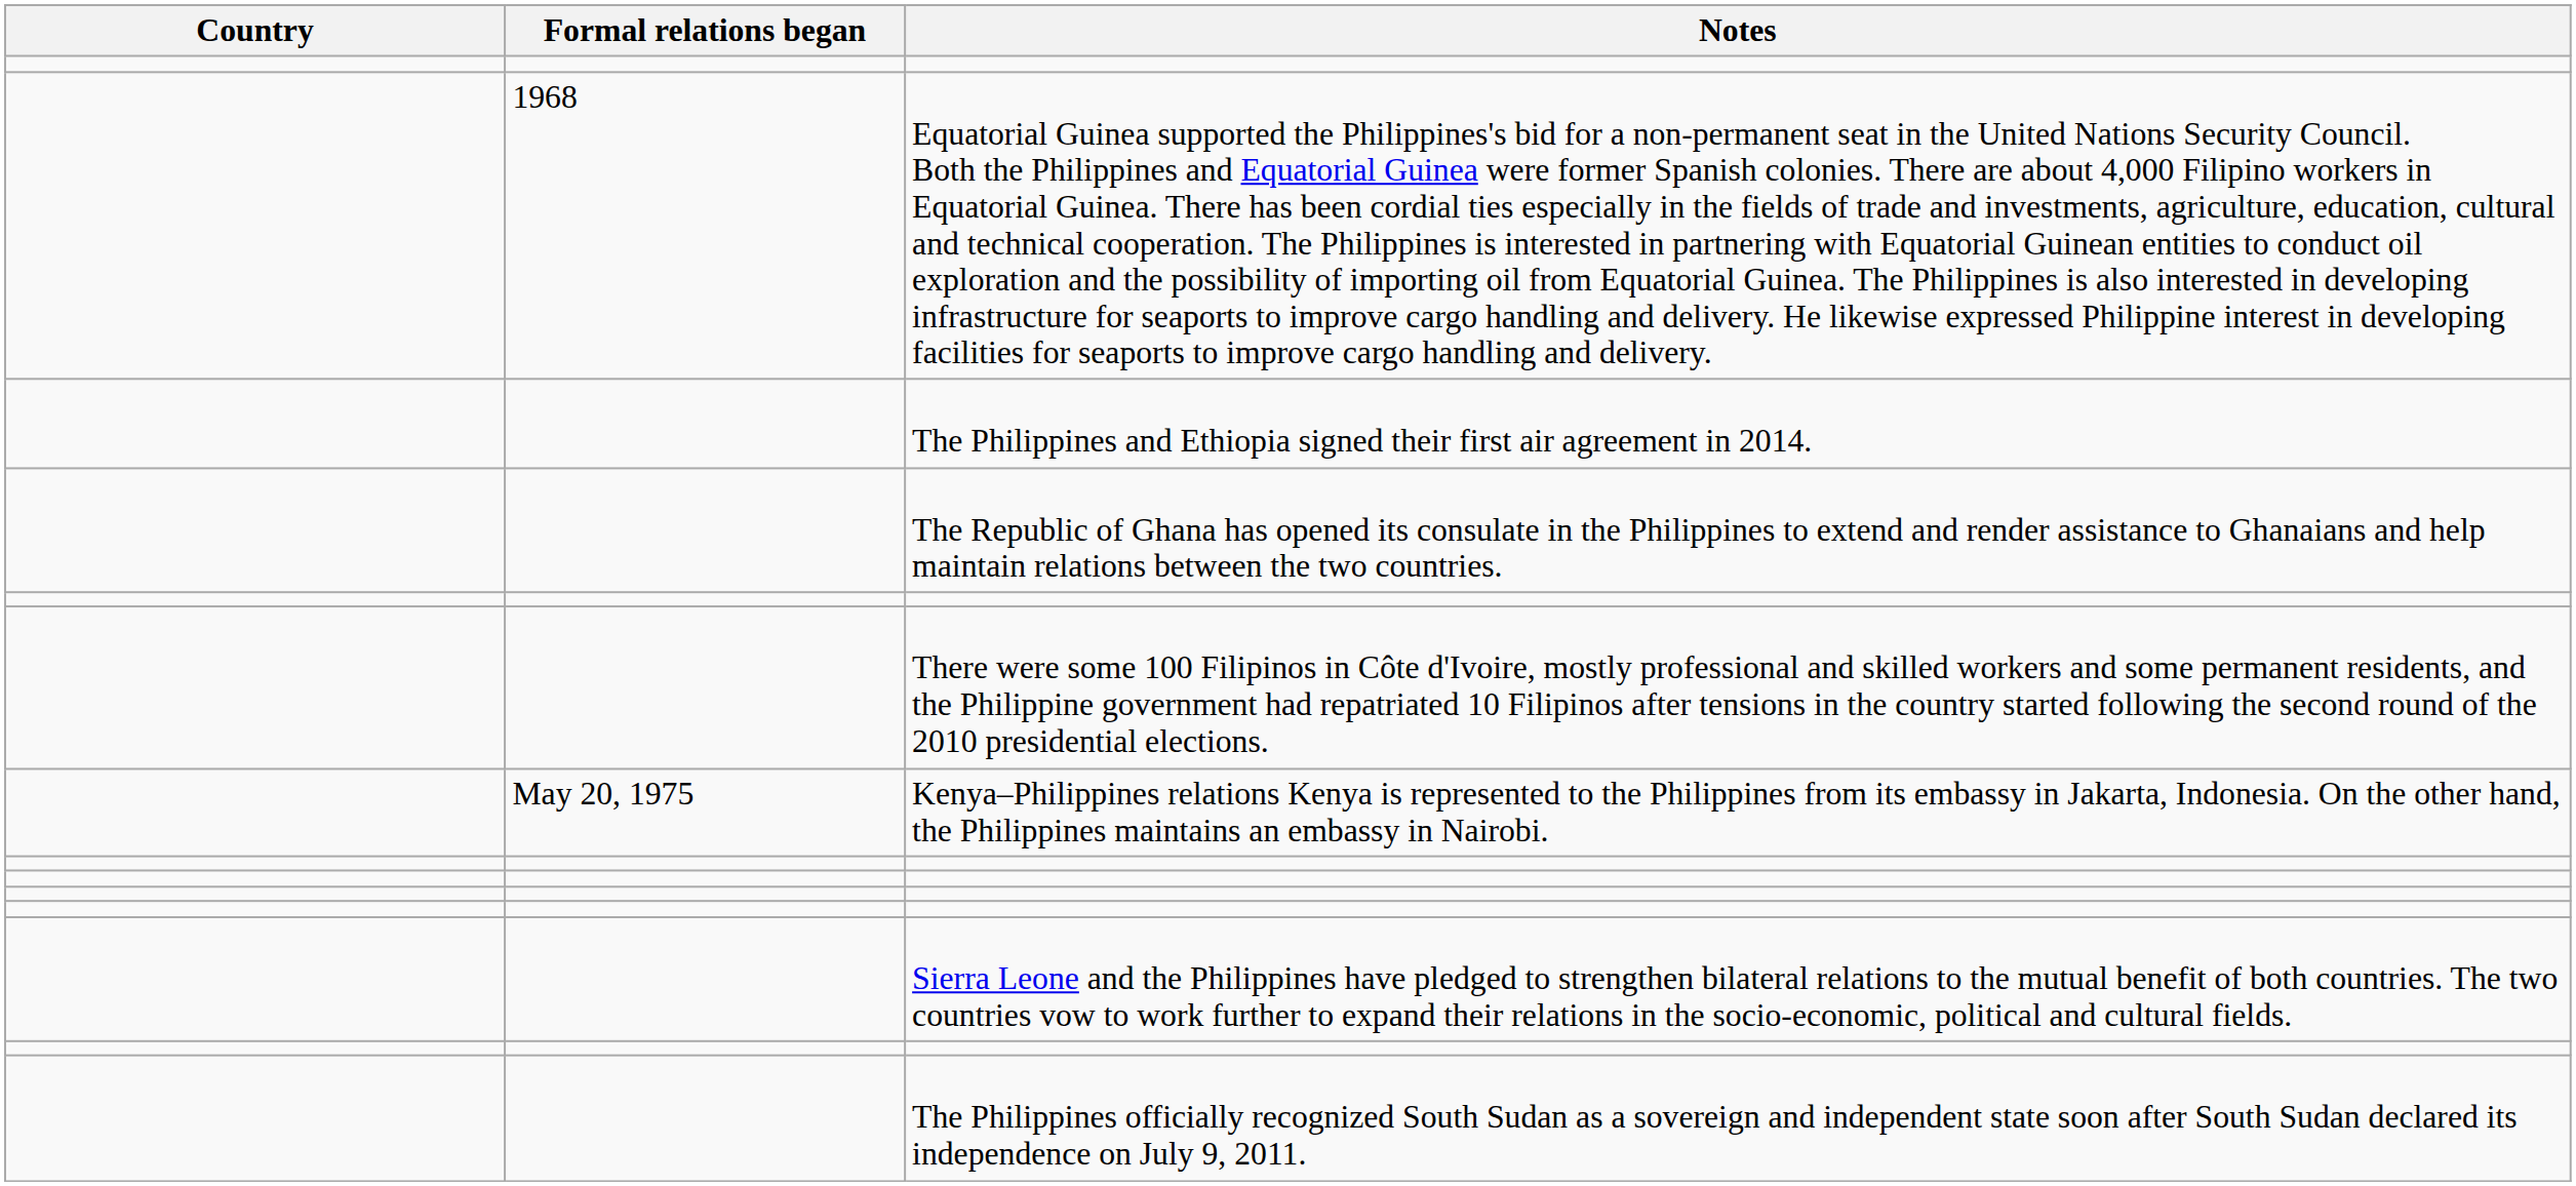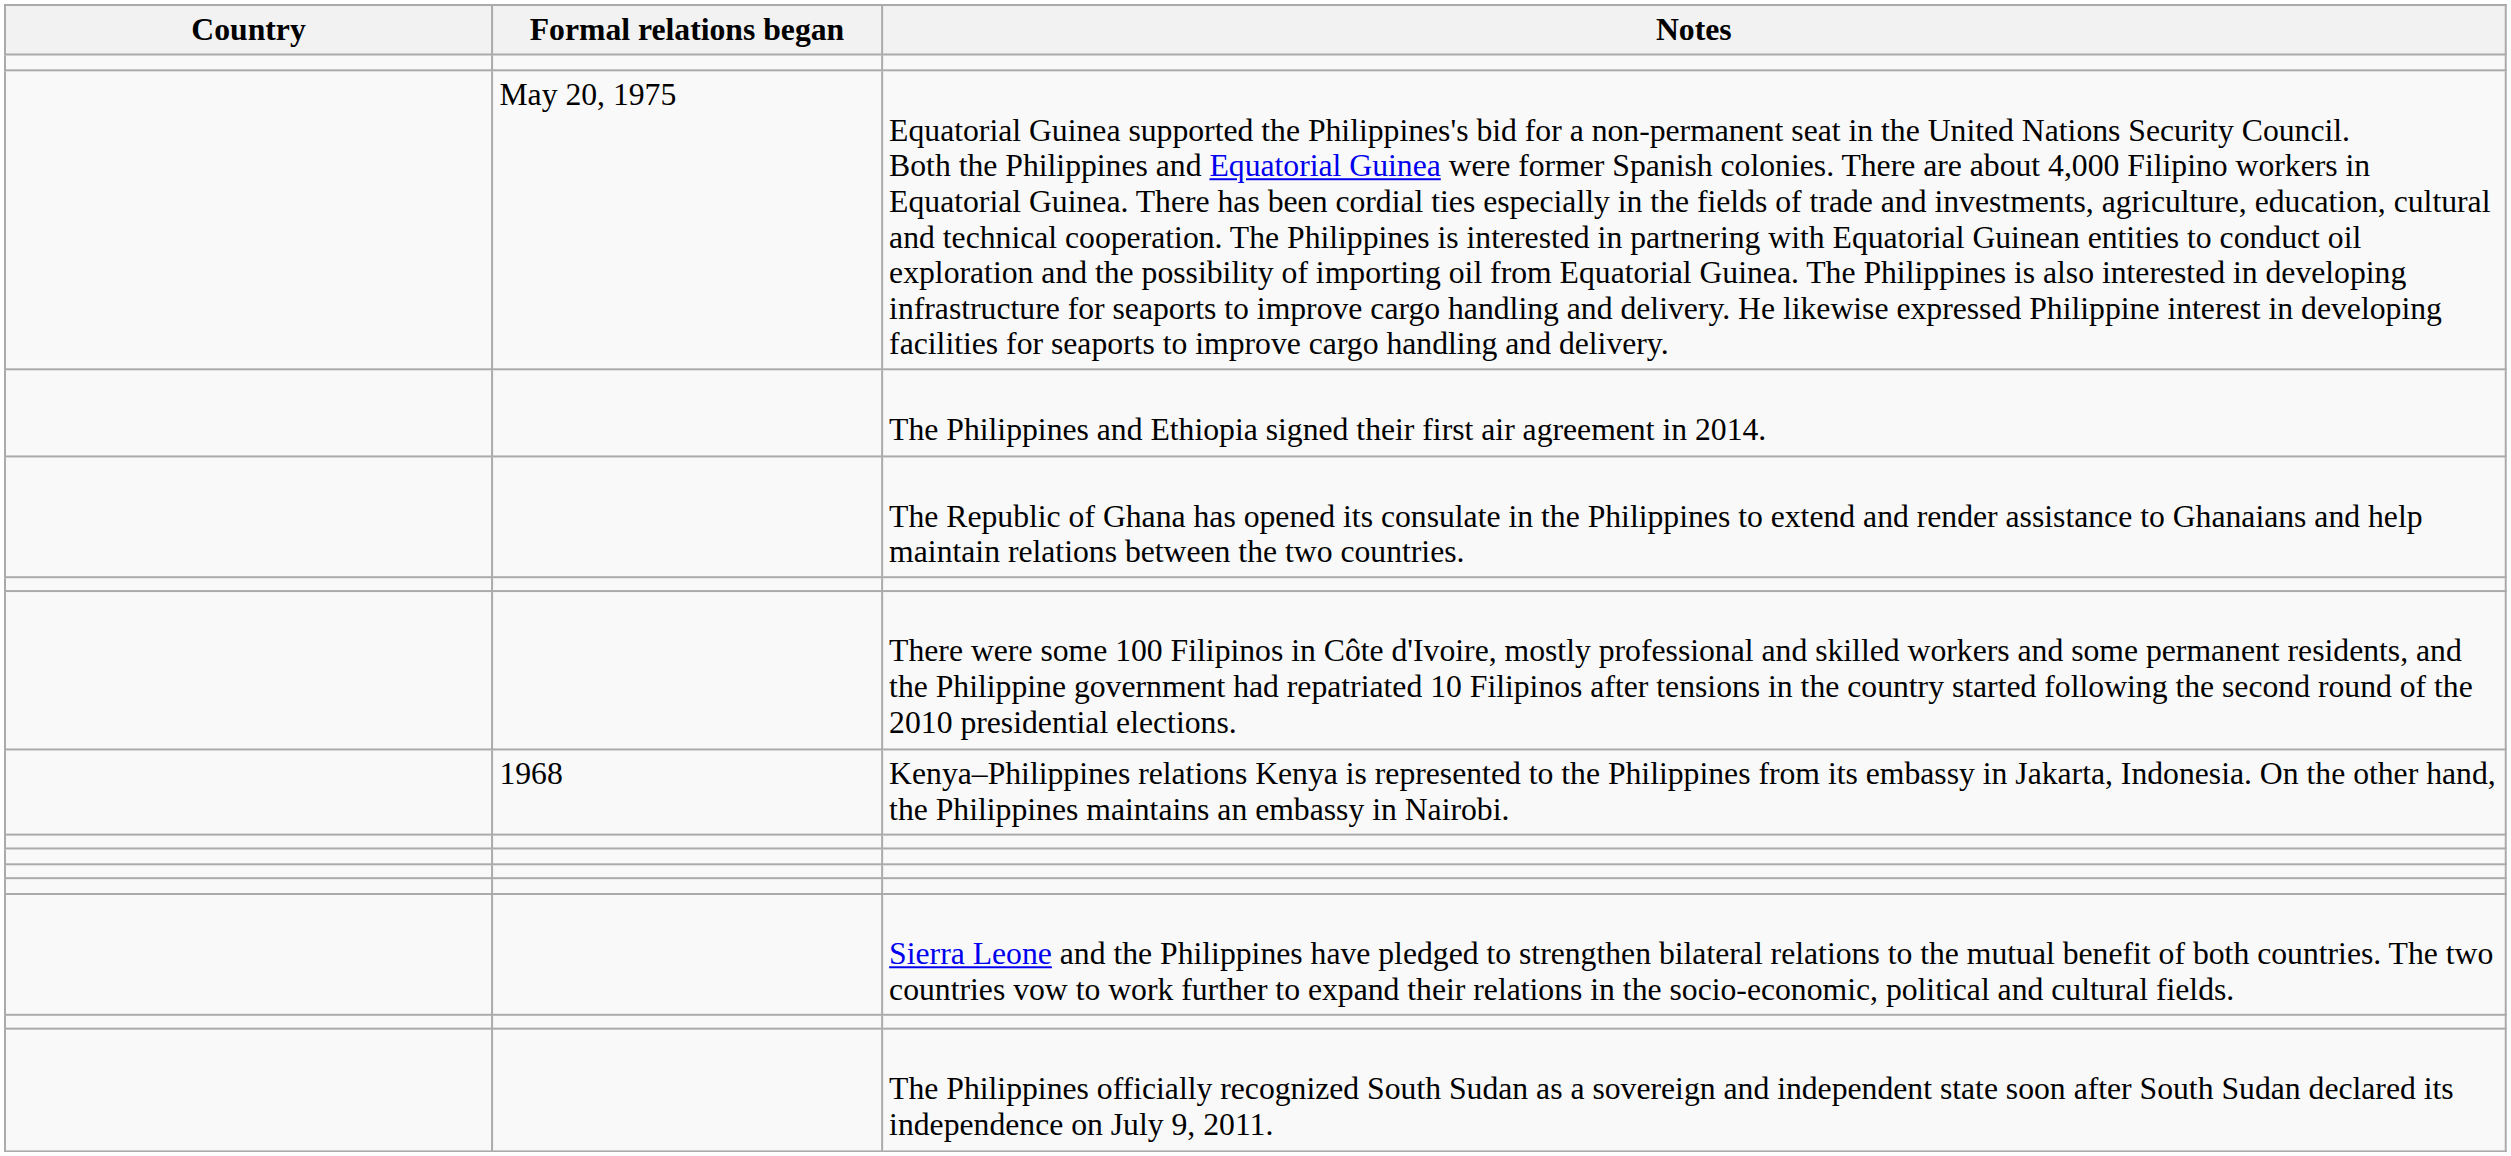 <table class="wikitable sortable" style="width:100%; margin:auto;">
 <tr>
 <th style="width:15%;">Country</th>
 <th style="width:12%;">Formal relations began</th>
 <th class="unsortable" style="width:50%;">Notes</th>
 </tr>
 <tr valign="top">
 <td></td>
 <td></td>
 <td></td>
 </tr>
 <tr valign="top">
 <td></td>
-<td>1968</td>
+<td>May 20, 1975</td>
 <td><br>Equatorial Guinea supported the Philippines's bid for a non-permanent seat in the United Nations Security Council.<br>Both the Philippines and <a href='#'>Equatorial Guinea</a> were former Spanish colonies. There are about 4,000 Filipino workers in Equatorial Guinea. There has been cordial ties especially in the fields of trade and investments, agriculture, education, cultural and technical cooperation. The Philippines is interested in partnering with Equatorial Guinean entities to conduct oil exploration and the possibility of importing oil from Equatorial Guinea. The Philippines is also interested in developing infrastructure for seaports to improve cargo handling and delivery. He likewise expressed Philippine interest in developing facilities for seaports to improve cargo handling and delivery.</td>
 </tr>
 <tr valign="top">
 <td></td>
 <td></td>
 <td><br>The Philippines and Ethiopia signed their first air agreement in 2014.</td>
 </tr>
 <tr valign="top">
 <td></td>
 <td></td>
 <td><br>The Republic of Ghana has opened its consulate in the Philippines to extend and render assistance to Ghanaians and help maintain relations between the two countries.</td>
 </tr>
 <tr valign="top">
 <td></td>
 <td></td>
 <td></td>
 </tr>
 <tr valign="top">
 <td></td>
 <td></td>
 <td><br>There were some 100 Filipinos in Côte d'Ivoire, mostly professional and skilled workers and some permanent residents, and the Philippine government had repatriated 10 Filipinos after tensions in the country started following the second round of the 2010 presidential elections.</td>
 </tr>
 <tr valign="top">
 <td></td>
-<td>May 20, 1975</td>
+<td>1968</td>
 <td>Kenya–Philippines relations Kenya is represented to the Philippines from its embassy in Jakarta, Indonesia. On the other hand, the Philippines maintains an embassy in Nairobi.</td>
 </tr>
 <tr valign="top">
 <td></td>
 <td></td>
 <td></td>
 </tr>
 <tr valign="top">
 <td></td>
 <td></td>
 <td></td>
 </tr>
 <tr valign="top">
 <td></td>
 <td></td>
 <td></td>
 </tr>
 <tr valign="top">
 <td></td>
 <td></td>
 <td></td>
 </tr>
 <tr valign="top">
 <td></td>
 <td></td>
 <td><br><a href='#'>Sierra Leone</a> and the Philippines have pledged to strengthen bilateral relations to the mutual benefit of both countries. The two countries vow to work further to expand their relations in the socio-economic, political and cultural fields.</td>
 </tr>
 <tr valign="top">
 <td></td>
 <td></td>
 <td></td>
 </tr>
 <tr valign="top">
 <td></td>
 <td></td>
 <td><br>The Philippines officially recognized South Sudan as a sovereign and independent state soon after South Sudan declared its independence on July 9, 2011.</td>
 </tr>
 </table>
